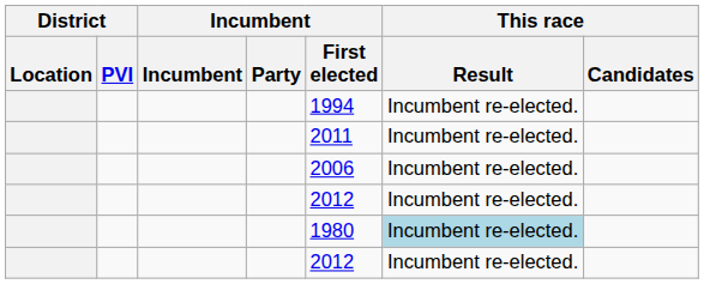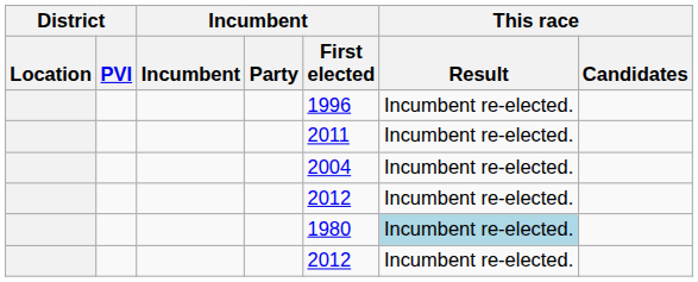 <table class="wikitable sortable">
 <tr valign=bottom>
 <th colspan=2>District</th>
 <th colspan=3>Incumbent</th>
 <th colspan=2>This race</th>
 </tr>
 <tr valign=bottom>
 <th>Location</th>
 <th><a href='#'>PVI</a></th>
 <th>Incumbent</th>
 <th>Party</th>
 <th>First<br>elected</th>
 <th>Result</th>
 <th>Candidates</th>
 </tr>
 <tr>
 <th></th>
 <td></td>
 <td></td>
 <td></td>
-<td><a href='#'>1994</a></td>
+<td><a href='#'>1996</a></td>
 <td>Incumbent re-elected.</td>
 <td nowrap></td>
 </tr>
 <tr>
 <th></th>
 <td></td>
 <td></td>
 <td></td>
 <td><a href='#'>2011</a></td>
 <td>Incumbent re-elected.</td>
 <td nowrap></td>
 </tr>
 <tr>
 <th></th>
 <td></td>
 <td></td>
 <td></td>
-<td><a href='#'>2006</a></td>
+<td><a href='#'>2004</a></td>
 <td>Incumbent re-elected.</td>
 <td nowrap></td>
 </tr>
 <tr>
 <th></th>
 <td></td>
 <td></td>
 <td></td>
 <td><a href='#'>2012</a></td>
 <td>Incumbent re-elected.</td>
 <td nowrap></td>
 </tr>
 <tr>
 <th></th>
 <td></td>
 <td></td>
 <td></td>
 <td><a href='#'>1980</a></td>
 <td style="background: lightblue;">Incumbent re-elected.</td>
 <td nowrap></td>
 </tr>
 <tr>
 <th></th>
 <td></td>
 <td></td>
 <td></td>
 <td><a href='#'>2012</a></td>
 <td>Incumbent re-elected.</td>
 <td nowrap></td>
 </tr>
 </table>
